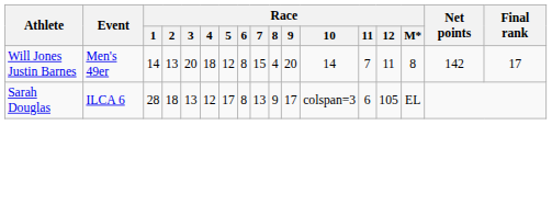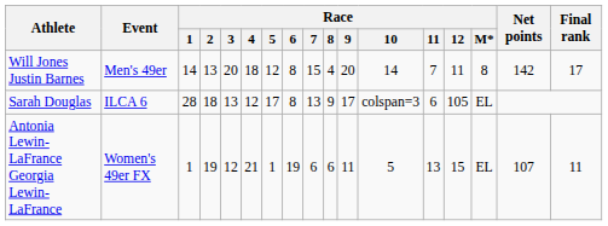 <table class=wikitable style=font-size:90%;text-align:center>
 <tr>
 <th rowspan=2>Athlete</th>
 <th rowspan=2>Event</th>
 <th colspan=13>Race</th>
 <th rowspan=2>Net points</th>
 <th rowspan=2>Final rank</th>
 </tr>
 <tr style=font-size:95%>
 <th>1</th>
 <th>2</th>
 <th>3</th>
 <th>4</th>
 <th>5</th>
 <th>6</th>
 <th>7</th>
 <th>8</th>
 <th>9</th>
 <th>10</th>
 <th>11</th>
 <th>12</th>
 <th>M*</th>
 </tr>
 <tr>
 <td align=left><a href='#'>Will Jones</a><br><a href='#'>Justin Barnes</a></td>
 <td align=left><a href='#'>Men's 49er</a></td>
 <td>14</td>
 <td>13</td>
 <td>20</td>
 <td>18</td>
 <td>12</td>
 <td>8</td>
 <td>15</td>
 <td>4</td>
 <td>20</td>
 <td>14</td>
 <td>7</td>
 <td>11</td>
 <td>8</td>
 <td>142</td>
 <td>17</td>
 </tr>
 <tr>
 <td align=left><a href='#'>Sarah Douglas</a></td>
 <td align=left><a href='#'>ILCA 6</a></td>
 <td>28</td>
 <td>18</td>
 <td>13</td>
 <td>12</td>
 <td>17</td>
 <td>8</td>
 <td>13</td>
 <td>9</td>
 <td>17</td>
 <td>colspan=3 </td>
 <td>6</td>
 <td>105</td>
 <td>EL</td>
 </tr>
+<tr>
+<td align=left><a href='#'>Antonia Lewin-LaFrance</a><br><a href='#'>Georgia Lewin-LaFrance</a></td>
+<td align=left><a href='#'>Women's 49er FX</a></td>
+<td>1</td>
+<td>19</td>
+<td>12</td>
+<td>21</td>
+<td>1</td>
+<td>19</td>
+<td>6</td>
+<td>6</td>
+<td>11</td>
+<td>5</td>
+<td>13</td>
+<td>15</td>
+<td>EL</td>
+<td>107</td>
+<td>11</td>
+</tr>
 </table>
